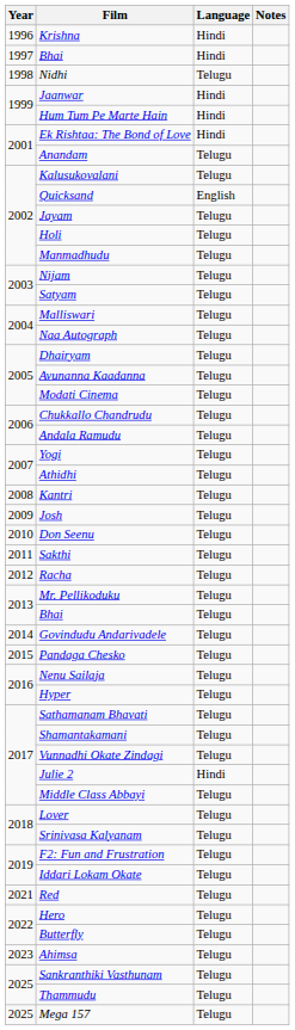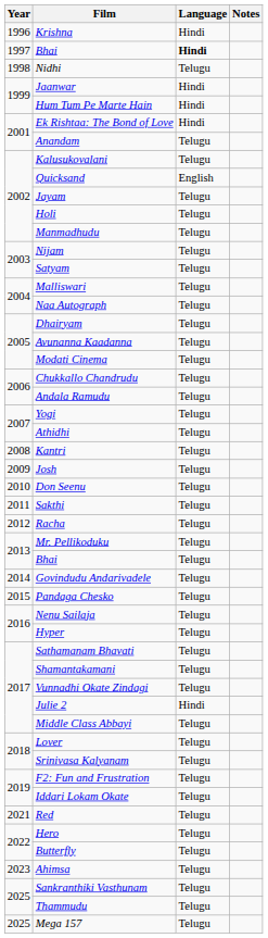 <table class="wikitable sortable">
 <tr>
 <th>Year</th>
 <th>Film</th>
 <th>Language</th>
 <th>Notes</th>
 </tr>
 <tr>
 <td>1996</td>
 <td><em><a href='#'>Krishna</a></em></td>
 <td>Hindi</td>
 <td></td>
 </tr>
 <tr>
 <td>1997</td>
 <td><em><a href='#'>Bhai</a></em></td>
-<td>Hindi</td>
+<td><strong>Hindi</strong></td>
 <td></td>
 </tr>
 <tr>
 <td>1998</td>
 <td><em>Nidhi</em></td>
 <td>Telugu</td>
 <td></td>
 </tr>
 <tr>
 <td rowspan="2">1999</td>
 <td><em><a href='#'>Jaanwar</a></em></td>
 <td>Hindi</td>
 <td></td>
 </tr>
 <tr>
 <td><em><a href='#'>Hum Tum Pe Marte Hain</a></em></td>
 <td>Hindi</td>
 <td></td>
 </tr>
 <tr>
 <td rowspan="2">2001</td>
 <td><em><a href='#'>Ek Rishtaa: The Bond of Love</a></em></td>
 <td>Hindi</td>
 <td></td>
 </tr>
 <tr>
 <td><em><a href='#'>Anandam</a></em></td>
 <td>Telugu</td>
 <td></td>
 </tr>
 <tr>
 <td rowspan="5">2002</td>
 <td><em><a href='#'>Kalusukovalani</a></em></td>
 <td>Telugu</td>
 <td></td>
 </tr>
 <tr>
 <td><em><a href='#'>Quicksand</a></em></td>
 <td>English</td>
 <td></td>
 </tr>
 <tr>
 <td><em><a href='#'>Jayam</a></em></td>
 <td>Telugu</td>
 <td></td>
 </tr>
 <tr>
 <td><em> <a href='#'>Holi</a></em></td>
 <td>Telugu</td>
 <td></td>
 </tr>
 <tr>
 <td><em><a href='#'>Manmadhudu</a></em></td>
 <td>Telugu</td>
 <td></td>
 </tr>
 <tr>
 <td rowspan="2">2003</td>
 <td><em><a href='#'>Nijam</a></em></td>
 <td>Telugu</td>
 <td></td>
 </tr>
 <tr>
 <td><em><a href='#'>Satyam</a></em></td>
 <td>Telugu</td>
 <td></td>
 </tr>
 <tr>
 <td rowspan="2">2004</td>
 <td><em><a href='#'>Malliswari</a></em></td>
 <td>Telugu</td>
 <td></td>
 </tr>
 <tr>
 <td><em><a href='#'>Naa Autograph</a></em></td>
 <td>Telugu</td>
 <td></td>
 </tr>
 <tr>
 <td rowspan="3">2005</td>
 <td><em><a href='#'>Dhairyam</a></em></td>
 <td>Telugu</td>
 <td></td>
 </tr>
 <tr>
 <td><em><a href='#'>Avunanna Kaadanna</a></em></td>
 <td>Telugu</td>
 <td></td>
 </tr>
 <tr>
 <td><em><a href='#'>Modati Cinema</a></em></td>
 <td>Telugu</td>
 <td></td>
 </tr>
 <tr>
 <td rowspan="2">2006</td>
 <td><em><a href='#'>Chukkallo Chandrudu</a></em></td>
 <td>Telugu</td>
 <td></td>
 </tr>
 <tr>
 <td><em><a href='#'>Andala Ramudu</a></em></td>
 <td>Telugu</td>
 <td></td>
 </tr>
 <tr>
 <td rowspan="2">2007</td>
 <td><em><a href='#'>Yogi</a></em></td>
 <td>Telugu</td>
 <td></td>
 </tr>
 <tr>
 <td><em><a href='#'>Athidhi</a></em></td>
 <td>Telugu</td>
 <td></td>
 </tr>
 <tr>
 <td>2008</td>
 <td><em><a href='#'>Kantri</a></em></td>
 <td>Telugu</td>
 <td></td>
 </tr>
 <tr>
 <td>2009</td>
 <td><em><a href='#'>Josh</a></em></td>
 <td>Telugu</td>
 <td></td>
 </tr>
 <tr>
 <td>2010</td>
 <td><em><a href='#'>Don Seenu</a></em></td>
 <td>Telugu</td>
 <td></td>
 </tr>
 <tr>
 <td>2011</td>
 <td><em><a href='#'>Sakthi</a></em></td>
 <td>Telugu</td>
 <td></td>
 </tr>
 <tr>
 <td>2012</td>
 <td><em><a href='#'>Racha</a></em></td>
 <td>Telugu</td>
 <td></td>
 </tr>
 <tr>
 <td rowspan="2">2013</td>
 <td><em><a href='#'>Mr. Pellikoduku</a></em></td>
 <td>Telugu</td>
 <td></td>
 </tr>
 <tr>
 <td><em><a href='#'>Bhai</a></em></td>
 <td>Telugu</td>
 <td></td>
 </tr>
 <tr>
 <td>2014</td>
 <td><em><a href='#'>Govindudu Andarivadele</a></em></td>
 <td>Telugu</td>
 <td></td>
 </tr>
 <tr>
 <td>2015</td>
 <td><em><a href='#'>Pandaga Chesko</a></em></td>
 <td>Telugu</td>
 <td></td>
 </tr>
 <tr>
 <td rowspan="2">2016</td>
 <td><em><a href='#'>Nenu Sailaja</a></em></td>
 <td>Telugu</td>
 <td></td>
 </tr>
 <tr>
 <td><em><a href='#'>Hyper</a></em></td>
 <td>Telugu</td>
 <td></td>
 </tr>
 <tr>
 <td rowspan="5">2017</td>
 <td><em><a href='#'>Sathamanam Bhavati</a></em></td>
 <td>Telugu</td>
 <td></td>
 </tr>
 <tr>
 <td><em><a href='#'>Shamantakamani</a></em></td>
 <td>Telugu</td>
 <td></td>
 </tr>
 <tr>
 <td><em><a href='#'>Vunnadhi Okate Zindagi</a></em></td>
 <td>Telugu</td>
 <td></td>
 </tr>
 <tr>
 <td><em><a href='#'>Julie 2</a></em></td>
 <td>Hindi</td>
 <td></td>
 </tr>
 <tr>
 <td><em><a href='#'>Middle Class Abbayi</a></em></td>
 <td>Telugu</td>
 <td></td>
 </tr>
 <tr>
 <td rowspan="2">2018</td>
 <td><em><a href='#'>Lover</a></em></td>
 <td>Telugu</td>
 <td></td>
 </tr>
 <tr>
 <td><em><a href='#'>Srinivasa Kalyanam</a></em></td>
 <td>Telugu</td>
 <td></td>
 </tr>
 <tr>
 <td rowspan="2">2019</td>
 <td><em><a href='#'>F2: Fun and Frustration</a></em></td>
 <td>Telugu</td>
 <td></td>
 </tr>
 <tr>
 <td><em><a href='#'>Iddari Lokam Okate</a></em></td>
 <td>Telugu</td>
 <td></td>
 </tr>
 <tr>
 <td>2021</td>
 <td><em><a href='#'>Red</a></em></td>
 <td>Telugu</td>
 <td></td>
 </tr>
 <tr>
 <td rowspan="2">2022</td>
 <td><em><a href='#'>Hero</a></em></td>
 <td>Telugu</td>
 <td></td>
 </tr>
 <tr>
 <td><em><a href='#'>Butterfly</a></em></td>
 <td>Telugu</td>
 <td></td>
 </tr>
 <tr>
 <td>2023</td>
 <td><em><a href='#'>Ahimsa</a></em></td>
 <td>Telugu</td>
 <td></td>
 </tr>
 <tr>
 <td rowspan="2">2025</td>
 <td><em><a href='#'>Sankranthiki Vasthunam</a></em></td>
 <td>Telugu</td>
 <td></td>
 </tr>
 <tr>
 <td><em><a href='#'>Thammudu</a></em></td>
 <td>Telugu</td>
 <td></td>
 </tr>
 <tr>
 <td>2025</td>
 <td><em>Mega 157</em></td>
 <td>Telugu</td>
 <td></td>
 </tr>
 </table>
